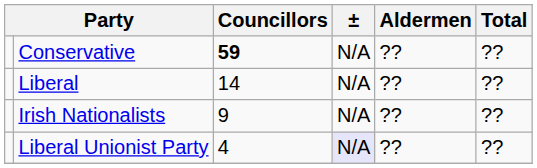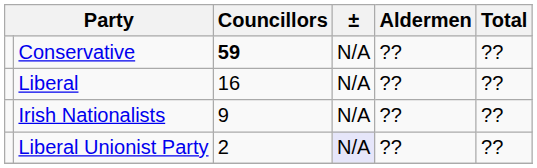 <table class="wikitable">
 <tr>
 <th colspan="2">Party</th>
 <th>Councillors</th>
 <th>  ±  </th>
 <th>Aldermen</th>
 <th>Total</th>
 </tr>
 <tr>
 <td style="background-color: "></td>
 <td><a href='#'>Conservative</a></td>
 <td><strong>59</strong></td>
 <td>N/A</td>
 <td>??</td>
 <td>??</td>
 </tr>
 <tr>
 <td style="background-color: "></td>
 <td><a href='#'>Liberal</a></td>
-<td>14</td>
+<td>16</td>
 <td>N/A</td>
 <td>??</td>
 <td>??</td>
 </tr>
 <tr>
 <td style="background-color: "></td>
 <td><a href='#'>Irish Nationalists</a></td>
 <td>9</td>
 <td>N/A</td>
 <td>??</td>
 <td>??</td>
 </tr>
 <tr>
 <td style="background-color: "></td>
 <td><a href='#'>Liberal Unionist Party</a></td>
-<td>4</td>
+<td>2</td>
 <td style="background: lavender;">N/A</td>
 <td>??</td>
 <td>??</td>
 </tr>
 <tr>
 </tr>
 </table>
